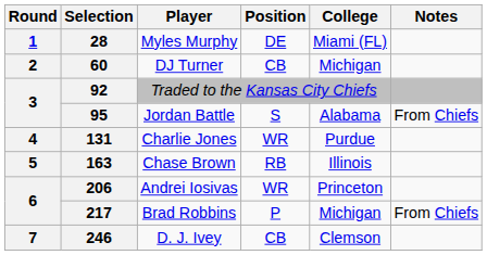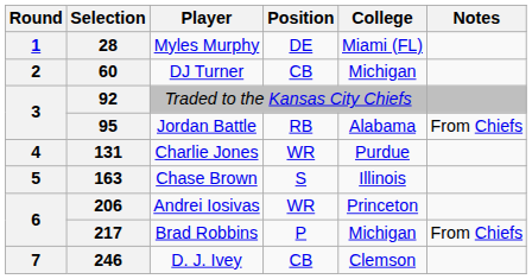 <table class="wikitable" style="text-align:center">
 <tr>
 <th>Round</th>
 <th>Selection</th>
 <th>Player</th>
 <th>Position</th>
 <th>College</th>
 <th>Notes</th>
 </tr>
 <tr>
 <th><a href='#'>1</a></th>
 <th>28</th>
 <td><a href='#'>Myles Murphy</a></td>
 <td><a href='#'>DE</a></td>
 <td><a href='#'>Miami (FL)</a></td>
 <td></td>
 </tr>
 <tr>
 <th>2</th>
 <th>60</th>
 <td><a href='#'>DJ Turner</a></td>
 <td><a href='#'>CB</a></td>
 <td><a href='#'>Michigan</a></td>
 <td></td>
 </tr>
 <tr>
 <th rowspan="2">3</th>
 <th>92</th>
 <td colspan="3" style="background:#BFBFBF"><em>Traded to the <a href='#'>Kansas City Chiefs</a></em></td>
 <td style="background:#BFBFBF"></td>
 </tr>
 <tr>
 <th>95</th>
 <td><a href='#'>Jordan Battle</a></td>
-<td><a href='#'>S</a></td>
+<td><a href='#'>RB</a></td>
 <td><a href='#'>Alabama</a></td>
 <td>From <a href='#'>Chiefs</a></td>
 </tr>
 <tr>
 <th>4</th>
 <th>131</th>
 <td><a href='#'>Charlie Jones</a></td>
 <td><a href='#'>WR</a></td>
 <td><a href='#'>Purdue</a></td>
 <td></td>
 </tr>
 <tr>
 <th>5</th>
 <th>163</th>
 <td><a href='#'>Chase Brown</a></td>
-<td><a href='#'>RB</a></td>
+<td><a href='#'>S</a></td>
 <td><a href='#'>Illinois</a></td>
 <td></td>
 </tr>
 <tr>
 <th rowspan="2">6</th>
 <th>206</th>
 <td><a href='#'>Andrei Iosivas</a></td>
 <td><a href='#'>WR</a></td>
 <td><a href='#'>Princeton</a></td>
 <td></td>
 </tr>
 <tr>
 <th>217</th>
 <td><a href='#'>Brad Robbins</a></td>
 <td><a href='#'>P</a></td>
 <td><a href='#'>Michigan</a></td>
 <td>From <a href='#'>Chiefs</a></td>
 </tr>
 <tr>
 <th>7</th>
 <th>246</th>
 <td><a href='#'>D. J. Ivey</a></td>
 <td><a href='#'>CB</a></td>
 <td><a href='#'>Clemson</a></td>
 <td></td>
 </tr>
 </table>
